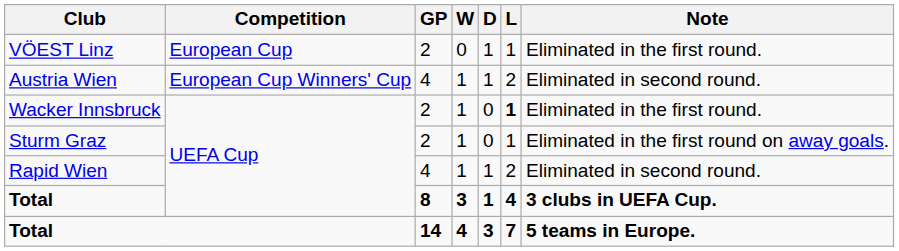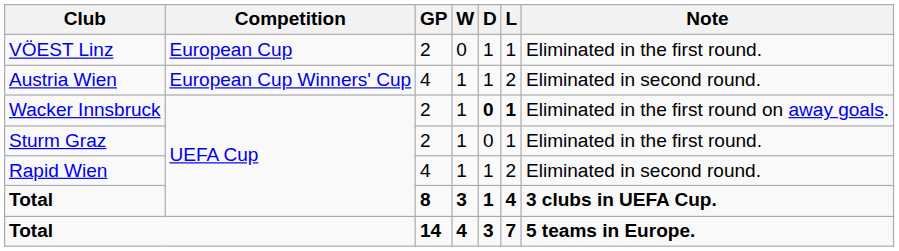 <table class="wikitable">
 <tr>
 <th>Club</th>
 <th>Competition</th>
 <th>GP</th>
 <th>W</th>
 <th>D</th>
 <th>L</th>
 <th>Note</th>
 </tr>
 <tr>
 <td><a href='#'>VÖEST Linz</a></td>
 <td><a href='#'>European Cup</a></td>
 <td>2</td>
 <td>0</td>
 <td>1</td>
 <td>1</td>
 <td>Eliminated in the first round.</td>
 </tr>
 <tr>
 <td><a href='#'>Austria Wien</a></td>
 <td><a href='#'>European Cup Winners' Cup</a></td>
 <td>4</td>
 <td>1</td>
 <td>1</td>
 <td>2</td>
 <td>Eliminated in second round.</td>
 </tr>
 <tr>
 <td><a href='#'>Wacker Innsbruck</a></td>
 <td rowspan="4"><a href='#'>UEFA Cup</a></td>
 <td>2</td>
 <td>1</td>
-<td>0</td>
+<td><strong>0</strong></td>
 <td><strong>1</strong></td>
-<td>Eliminated in the first round.</td>
+<td>Eliminated in the first round on <a href='#'>away goals</a>.</td>
 </tr>
 <tr>
 <td><a href='#'>Sturm Graz</a></td>
 <td>2</td>
 <td>1</td>
 <td>0</td>
 <td>1</td>
-<td>Eliminated in the first round on <a href='#'>away goals</a>.</td>
+<td>Eliminated in the first round.</td>
 </tr>
 <tr>
 <td><a href='#'>Rapid Wien</a></td>
 <td>4</td>
 <td>1</td>
 <td>1</td>
 <td>2</td>
 <td>Eliminated in second round.</td>
 </tr>
 <tr>
 <td><strong>Total</strong></td>
 <td><strong>8</strong></td>
 <td><strong>3</strong></td>
 <td><strong>1</strong></td>
 <td><strong>4</strong></td>
 <td><strong>3 clubs in UEFA Cup.</strong></td>
 </tr>
 <tr>
 <td colspan="2"><strong>Total</strong></td>
 <td><strong>14</strong></td>
 <td><strong>4</strong></td>
 <td><strong>3</strong></td>
 <td><strong>7</strong></td>
 <td><strong>5 teams in Europe.</strong></td>
 </tr>
 </table>
